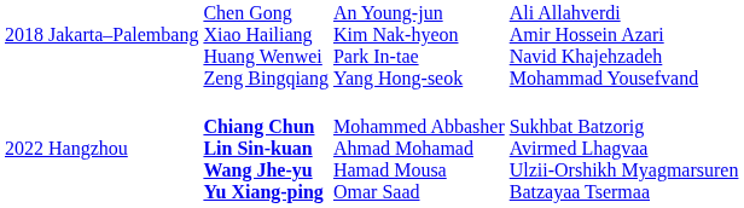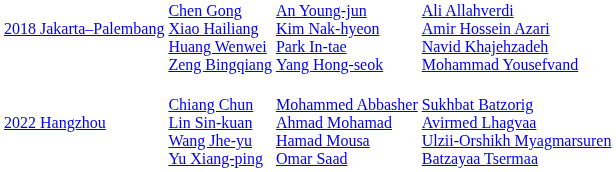 <table>
 <tr>
 <td><a href='#'>2018 Jakarta–Palembang</a></td>
 <td><br><a href='#'>Chen Gong</a><br><a href='#'>Xiao Hailiang</a><br><a href='#'>Huang Wenwei</a><br><a href='#'>Zeng Bingqiang</a></td>
 <td><br><a href='#'>An Young-jun</a><br><a href='#'>Kim Nak-hyeon</a><br><a href='#'>Park In-tae</a><br><a href='#'>Yang Hong-seok</a></td>
 <td><br><a href='#'>Ali Allahverdi</a><br><a href='#'>Amir Hossein Azari</a><br><a href='#'>Navid Khajehzadeh</a><br><a href='#'>Mohammad Yousefvand</a></td>
 </tr>
 <tr>
 <td><a href='#'>2022 Hangzhou</a></td>
-<td><strong><br><a href='#'>Chiang Chun</a><br><a href='#'>Lin Sin-kuan</a><br><a href='#'>Wang Jhe-yu</a><br><a href='#'>Yu Xiang-ping</a></strong></td>
+<td><br><a href='#'>Chiang Chun</a><br><a href='#'>Lin Sin-kuan</a><br><a href='#'>Wang Jhe-yu</a><br><a href='#'>Yu Xiang-ping</a></td>
 <td><br><a href='#'>Mohammed Abbasher</a><br><a href='#'>Ahmad Mohamad</a><br><a href='#'>Hamad Mousa</a><br><a href='#'>Omar Saad</a></td>
 <td><br><a href='#'>Sukhbat Batzorig</a><br><a href='#'>Avirmed Lhagvaa</a><br><a href='#'>Ulzii-Orshikh Myagmarsuren</a><br><a href='#'>Batzayaa Tsermaa</a></td>
 </tr>
 </table>
